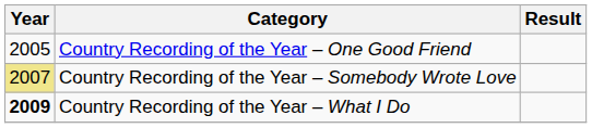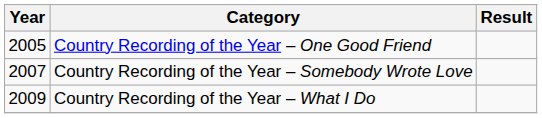 <table class="wikitable">
 <tr>
 <th>Year</th>
 <th>Category</th>
 <th>Result</th>
 </tr>
 <tr>
 <td>2005</td>
 <td><a href='#'>Country Recording of the Year</a> – <em>One Good Friend</em></td>
 <td></td>
 </tr>
 <tr>
-<td style="background: khaki;">2007</td>
+<td>2007</td>
 <td>Country Recording of the Year – <em>Somebody Wrote Love</em></td>
 <td></td>
 </tr>
 <tr>
-<td><strong>2009</strong></td>
+<td>2009</td>
 <td>Country Recording of the Year – <em>What I Do</em></td>
 <td></td>
 </tr>
 <tr>
 </tr>
 </table>
